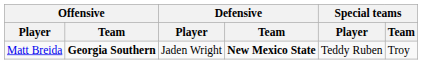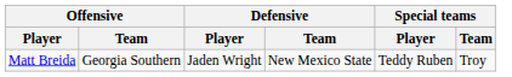 <table class="wikitable">
 <tr>
 <th colspan="2">Offensive</th>
 <th colspan="2">Defensive</th>
 <th colspan="2">Special teams</th>
 </tr>
 <tr>
 <th>Player</th>
 <th>Team</th>
 <th>Player</th>
 <th>Team</th>
 <th>Player</th>
 <th>Team</th>
 </tr>
 <tr>
 <td><a href='#'>Matt Breida</a></td>
-<td><strong>Georgia Southern</strong></td>
+<td>Georgia Southern</td>
 <td>Jaden Wright</td>
-<td><strong>New Mexico State</strong></td>
+<td>New Mexico State</td>
 <td>Teddy Ruben</td>
 <td>Troy</td>
 </tr>
 </table>
